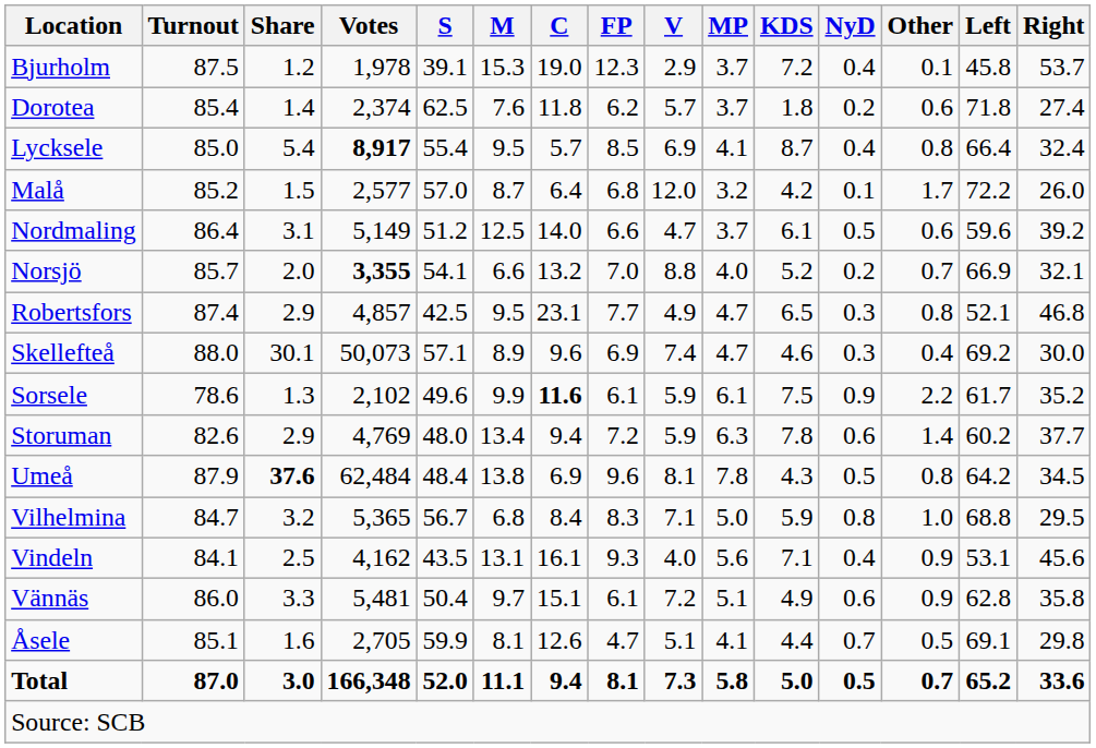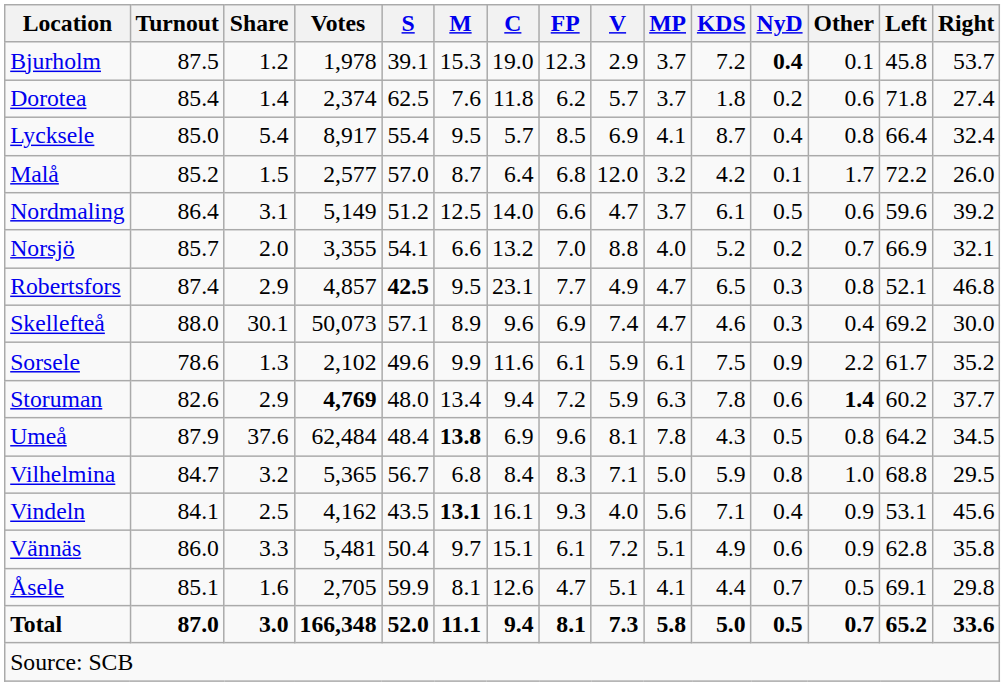 <table class="wikitable sortable" style=text-align:right>
 <tr>
 <th>Location</th>
 <th>Turnout</th>
 <th>Share</th>
 <th>Votes</th>
 <th><a href='#'>S</a></th>
 <th><a href='#'>M</a></th>
 <th><a href='#'>C</a></th>
 <th><a href='#'>FP</a></th>
 <th><a href='#'>V</a></th>
 <th><a href='#'>MP</a></th>
 <th><a href='#'>KDS</a></th>
 <th><a href='#'>NyD</a></th>
 <th>Other</th>
 <th>Left</th>
 <th>Right</th>
 </tr>
 <tr>
 <td align=left><a href='#'>Bjurholm</a></td>
 <td>87.5</td>
 <td>1.2</td>
 <td>1,978</td>
 <td>39.1</td>
 <td>15.3</td>
 <td>19.0</td>
 <td>12.3</td>
 <td>2.9</td>
 <td>3.7</td>
 <td>7.2</td>
-<td>0.4</td>
+<td><strong>0.4</strong></td>
 <td>0.1</td>
 <td>45.8</td>
 <td>53.7</td>
 </tr>
 <tr>
 <td align=left><a href='#'>Dorotea</a></td>
 <td>85.4</td>
 <td>1.4</td>
 <td>2,374</td>
 <td>62.5</td>
 <td>7.6</td>
 <td>11.8</td>
 <td>6.2</td>
 <td>5.7</td>
 <td>3.7</td>
 <td>1.8</td>
 <td>0.2</td>
 <td>0.6</td>
 <td>71.8</td>
 <td>27.4</td>
 </tr>
 <tr>
 <td align=left><a href='#'>Lycksele</a></td>
 <td>85.0</td>
 <td>5.4</td>
-<td><strong>8,917</strong></td>
+<td>8,917</td>
 <td>55.4</td>
 <td>9.5</td>
 <td>5.7</td>
 <td>8.5</td>
 <td>6.9</td>
 <td>4.1</td>
 <td>8.7</td>
 <td>0.4</td>
 <td>0.8</td>
 <td>66.4</td>
 <td>32.4</td>
 </tr>
 <tr>
 <td align=left><a href='#'>Malå</a></td>
 <td>85.2</td>
 <td>1.5</td>
 <td>2,577</td>
 <td>57.0</td>
 <td>8.7</td>
 <td>6.4</td>
 <td>6.8</td>
 <td>12.0</td>
 <td>3.2</td>
 <td>4.2</td>
 <td>0.1</td>
 <td>1.7</td>
 <td>72.2</td>
 <td>26.0</td>
 </tr>
 <tr>
 <td align=left><a href='#'>Nordmaling</a></td>
 <td>86.4</td>
 <td>3.1</td>
 <td>5,149</td>
 <td>51.2</td>
 <td>12.5</td>
 <td>14.0</td>
 <td>6.6</td>
 <td>4.7</td>
 <td>3.7</td>
 <td>6.1</td>
 <td>0.5</td>
 <td>0.6</td>
 <td>59.6</td>
 <td>39.2</td>
 </tr>
 <tr>
 <td align=left><a href='#'>Norsjö</a></td>
 <td>85.7</td>
 <td>2.0</td>
-<td><strong>3,355</strong></td>
+<td>3,355</td>
 <td>54.1</td>
 <td>6.6</td>
 <td>13.2</td>
 <td>7.0</td>
 <td>8.8</td>
 <td>4.0</td>
 <td>5.2</td>
 <td>0.2</td>
 <td>0.7</td>
 <td>66.9</td>
 <td>32.1</td>
 </tr>
 <tr>
 <td align=left><a href='#'>Robertsfors</a></td>
 <td>87.4</td>
 <td>2.9</td>
 <td>4,857</td>
-<td>42.5</td>
+<td><strong>42.5</strong></td>
 <td>9.5</td>
 <td>23.1</td>
 <td>7.7</td>
 <td>4.9</td>
 <td>4.7</td>
 <td>6.5</td>
 <td>0.3</td>
 <td>0.8</td>
 <td>52.1</td>
 <td>46.8</td>
 </tr>
 <tr>
 <td align=left><a href='#'>Skellefteå</a></td>
 <td>88.0</td>
 <td>30.1</td>
 <td>50,073</td>
 <td>57.1</td>
 <td>8.9</td>
 <td>9.6</td>
 <td>6.9</td>
 <td>7.4</td>
 <td>4.7</td>
 <td>4.6</td>
 <td>0.3</td>
 <td>0.4</td>
 <td>69.2</td>
 <td>30.0</td>
 </tr>
 <tr>
 <td align=left><a href='#'>Sorsele</a></td>
 <td>78.6</td>
 <td>1.3</td>
 <td>2,102</td>
 <td>49.6</td>
 <td>9.9</td>
-<td><strong>11.6</strong></td>
+<td>11.6</td>
 <td>6.1</td>
 <td>5.9</td>
 <td>6.1</td>
 <td>7.5</td>
 <td>0.9</td>
 <td>2.2</td>
 <td>61.7</td>
 <td>35.2</td>
 </tr>
 <tr>
 <td align=left><a href='#'>Storuman</a></td>
 <td>82.6</td>
 <td>2.9</td>
-<td>4,769</td>
+<td><strong>4,769</strong></td>
 <td>48.0</td>
 <td>13.4</td>
 <td>9.4</td>
 <td>7.2</td>
 <td>5.9</td>
 <td>6.3</td>
 <td>7.8</td>
 <td>0.6</td>
-<td>1.4</td>
+<td><strong>1.4</strong></td>
 <td>60.2</td>
 <td>37.7</td>
 </tr>
 <tr>
 <td align=left><a href='#'>Umeå</a></td>
 <td>87.9</td>
-<td><strong>37.6</strong></td>
+<td>37.6</td>
 <td>62,484</td>
 <td>48.4</td>
-<td>13.8</td>
+<td><strong>13.8</strong></td>
 <td>6.9</td>
 <td>9.6</td>
 <td>8.1</td>
 <td>7.8</td>
 <td>4.3</td>
 <td>0.5</td>
 <td>0.8</td>
 <td>64.2</td>
 <td>34.5</td>
 </tr>
 <tr>
 <td align=left><a href='#'>Vilhelmina</a></td>
 <td>84.7</td>
 <td>3.2</td>
 <td>5,365</td>
 <td>56.7</td>
 <td>6.8</td>
 <td>8.4</td>
 <td>8.3</td>
 <td>7.1</td>
 <td>5.0</td>
 <td>5.9</td>
 <td>0.8</td>
 <td>1.0</td>
 <td>68.8</td>
 <td>29.5</td>
 </tr>
 <tr>
 <td align=left><a href='#'>Vindeln</a></td>
 <td>84.1</td>
 <td>2.5</td>
 <td>4,162</td>
 <td>43.5</td>
-<td>13.1</td>
+<td><strong>13.1</strong></td>
 <td>16.1</td>
 <td>9.3</td>
 <td>4.0</td>
 <td>5.6</td>
 <td>7.1</td>
 <td>0.4</td>
 <td>0.9</td>
 <td>53.1</td>
 <td>45.6</td>
 </tr>
 <tr>
 <td align=left><a href='#'>Vännäs</a></td>
 <td>86.0</td>
 <td>3.3</td>
 <td>5,481</td>
 <td>50.4</td>
 <td>9.7</td>
 <td>15.1</td>
 <td>6.1</td>
 <td>7.2</td>
 <td>5.1</td>
 <td>4.9</td>
 <td>0.6</td>
 <td>0.9</td>
 <td>62.8</td>
 <td>35.8</td>
 </tr>
 <tr>
 <td align=left><a href='#'>Åsele</a></td>
 <td>85.1</td>
 <td>1.6</td>
 <td>2,705</td>
 <td>59.9</td>
 <td>8.1</td>
 <td>12.6</td>
 <td>4.7</td>
 <td>5.1</td>
 <td>4.1</td>
 <td>4.4</td>
 <td>0.7</td>
 <td>0.5</td>
 <td>69.1</td>
 <td>29.8</td>
 </tr>
 <tr>
 <td align=left><strong>Total</strong></td>
 <td><strong>87.0</strong></td>
 <td><strong>3.0</strong></td>
 <td><strong>166,348</strong></td>
 <td><strong>52.0</strong></td>
 <td><strong>11.1</strong></td>
 <td><strong>9.4</strong></td>
 <td><strong>8.1</strong></td>
 <td><strong>7.3</strong></td>
 <td><strong>5.8</strong></td>
 <td><strong>5.0</strong></td>
 <td><strong>0.5</strong></td>
 <td><strong>0.7</strong></td>
 <td><strong>65.2</strong></td>
 <td><strong>33.6</strong></td>
 </tr>
 <tr>
 <td align=left colspan=15>Source: SCB </td>
 </tr>
 </table>
